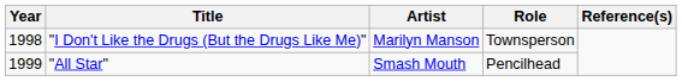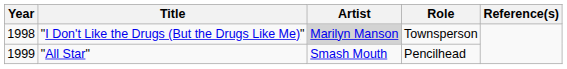 <table class="wikitable">
 <tr>
 <th>Year</th>
 <th>Title</th>
 <th>Artist</th>
 <th>Role</th>
 <th scope="col" class="unsortable">Reference(s)</th>
 </tr>
 <tr>
 <td>1998</td>
 <td>"<a href='#'>I Don't Like the Drugs (But the Drugs Like Me)</a>"</td>
-<td><a href='#'>Marilyn Manson</a></td>
+<td style="background: lightgrey;"><a href='#'>Marilyn Manson</a></td>
 <td>Townsperson</td>
 </tr>
 <tr>
 <td>1999</td>
 <td>"<a href='#'>All Star</a>"</td>
 <td><a href='#'>Smash Mouth</a></td>
 <td>Pencilhead</td>
 </tr>
 </table>
